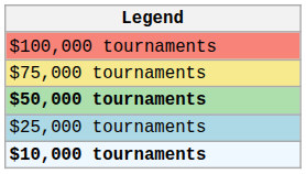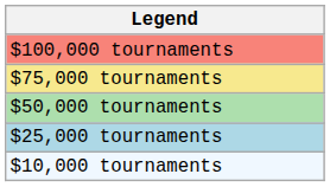 <table class="wikitable" style="font-size:85%;" width=15%>
 <tr>
 <th>Legend</th>
 </tr>
 <tr bgcolor="#F88379">
 <td>$100,000 tournaments</td>
 </tr>
 <tr bgcolor="#F7E98E">
 <td>$75,000 tournaments</td>
 </tr>
 <tr bgcolor="#ADDFAD">
-<td><strong>$50,000 tournaments</strong></td>
+<td>$50,000 tournaments</td>
 </tr>
 <tr bgcolor="lightblue">
 <td>$25,000 tournaments</td>
 </tr>
 <tr bgcolor="#f0f8ff">
-<td><strong>$10,000 tournaments</strong></td>
+<td>$10,000 tournaments</td>
 </tr>
 </table>
